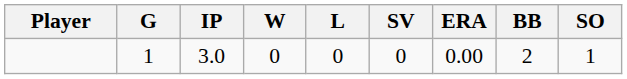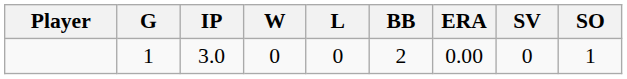 <table class="wikitable sortable">
 <tr>
 <th bgcolor="#DDDDFF" width="16%">Player</th>
 <th bgcolor="#DDDDFF" width="9%">G</th>
 <th bgcolor="#DDDDFF" width="9%">IP</th>
 <th bgcolor="#DDDDFF" width="9%">W</th>
 <th bgcolor="#DDDDFF" width="9%">L</th>
+<th bgcolor="#DDDDFF" width="9%">BB</th>
+<th bgcolor="#DDDDFF" width="9%">ERA</th>
 <th bgcolor="#DDDDFF" width="9%">SV</th>
-<th bgcolor="#DDDDFF" width="9%">ERA</th>
-<th bgcolor="#DDDDFF" width="9%">BB</th>
 <th bgcolor="#DDDDFF" width="9%">SO</th>
 </tr>
 <tr align="center">
 <td></td>
 <td>1</td>
 <td>3.0</td>
 <td>0</td>
 <td>0</td>
+<td>2</td>
+<td>0.00</td>
 <td>0</td>
-<td>0.00</td>
-<td>2</td>
 <td>1</td>
 </tr>
 </table>
